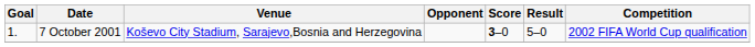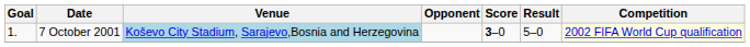 <table class="wikitable">
 <tr>
 <th>Goal</th>
 <th>Date</th>
 <th>Venue</th>
 <th>Opponent</th>
 <th>Score</th>
 <th>Result</th>
 <th>Competition</th>
 </tr>
 <tr>
 <td>1.</td>
 <td>7 October 2001</td>
-<td><a href='#'>Koševo City Stadium</a>, <a href='#'>Sarajevo</a>,Bosnia and Herzegovina</td>
+<td style="background: lightblue;"><a href='#'>Koševo City Stadium</a>, <a href='#'>Sarajevo</a>,Bosnia and Herzegovina</td>
 <td></td>
 <td><strong>3</strong>–0</td>
 <td>5–0</td>
-<td><a href='#'> 2002 FIFA World Cup qualification</a></td>
+<td style="background: lightyellow;"><a href='#'> 2002 FIFA World Cup qualification</a></td>
 </tr>
 <tr>
 </tr>
 </table>
